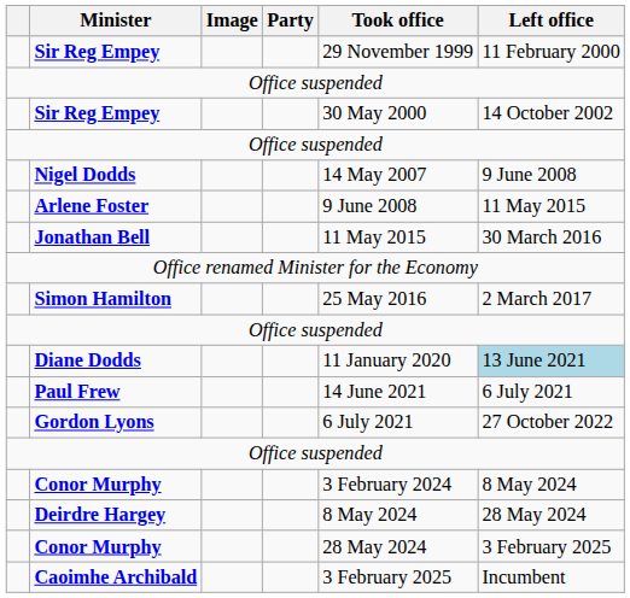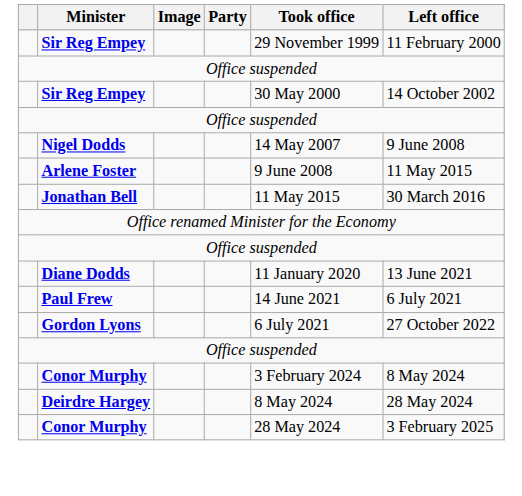 <table class="wikitable" style="margin: 1em auto 1em auto">
 <tr bgcolor=cccccc>
 <th></th>
 <th>Minister</th>
 <th>Image</th>
 <th>Party</th>
 <th>Took office</th>
 <th>Left office</th>
 </tr>
 <tr>
 <td style="background:">   </td>
 <td><strong><a href='#'>Sir Reg Empey</a></strong></td>
 <td></td>
 <td></td>
 <td>29 November 1999</td>
 <td>11 February 2000</td>
 </tr>
 <tr>
 <td colspan="6" align="center"><em>Office suspended</em></td>
 </tr>
 <tr>
 <td style="background:">   </td>
 <td><strong><a href='#'>Sir Reg Empey</a></strong></td>
 <td></td>
 <td></td>
 <td>30 May 2000</td>
 <td>14 October 2002</td>
 </tr>
 <tr>
 <td colspan="6" align="center"><em>Office suspended</em></td>
 </tr>
 <tr>
 <td style="background:">   </td>
 <td><strong><a href='#'>Nigel Dodds</a></strong></td>
 <td></td>
 <td></td>
 <td>14 May 2007</td>
 <td>9 June 2008</td>
 </tr>
 <tr>
 <td style="background:">   </td>
 <td><strong><a href='#'>Arlene Foster</a></strong></td>
 <td></td>
 <td></td>
 <td>9 June 2008</td>
 <td>11 May 2015</td>
 </tr>
 <tr>
 <td style="background:">   </td>
 <td><strong><a href='#'>Jonathan Bell</a></strong></td>
 <td></td>
 <td></td>
 <td>11 May 2015</td>
 <td>30 March 2016</td>
 </tr>
 <tr>
 <td colspan="6" align="center"><em>Office renamed Minister for the Economy</em></td>
 </tr>
 <tr>
-<td style="background:">   </td>
-<td><strong><a href='#'>Simon Hamilton</a></strong></td>
-<td></td>
-<td></td>
-<td>25 May 2016</td>
-<td>2 March 2017</td>
-</tr>
-<tr>
 <td colspan="6" align="center"><em>Office suspended</em></td>
 </tr>
 <tr>
 <td style="background:">   </td>
 <td><strong><a href='#'>Diane Dodds</a></strong></td>
 <td></td>
 <td></td>
 <td>11 January 2020</td>
-<td style="background: lightblue;">13 June 2021</td>
+<td>13 June 2021</td>
 </tr>
 <tr>
 <td style="background:">   </td>
 <td><strong><a href='#'>Paul Frew</a></strong></td>
 <td></td>
 <td></td>
 <td>14 June 2021</td>
 <td>6 July 2021</td>
 </tr>
 <tr>
 <td style="background:">   </td>
 <td><strong><a href='#'>Gordon Lyons</a></strong></td>
 <td></td>
 <td></td>
 <td>6 July 2021</td>
 <td>27 October 2022</td>
 </tr>
 <tr>
 <td colspan="6" align="center"><em>Office suspended</em></td>
 </tr>
 <tr>
 <td style="background:">   </td>
 <td><strong><a href='#'>Conor Murphy</a></strong></td>
 <td></td>
 <td></td>
 <td>3 February 2024</td>
 <td>8 May 2024</td>
 </tr>
 <tr>
 <td style="background:">   </td>
 <td><strong><a href='#'>Deirdre Hargey</a></strong></td>
 <td></td>
 <td></td>
 <td>8 May 2024</td>
 <td>28 May 2024</td>
 </tr>
 <tr>
 <td style="background:">   </td>
 <td><strong><a href='#'>Conor Murphy</a></strong></td>
 <td></td>
 <td></td>
 <td>28 May 2024</td>
 <td>3 February 2025</td>
 </tr>
-<tr>
-<td style="background:"></td>
-<td><strong><a href='#'>Caoimhe Archibald</a></strong></td>
-<td></td>
-<td></td>
-<td>3 February 2025</td>
-<td>Incumbent</td>
-</tr>
 </table>
